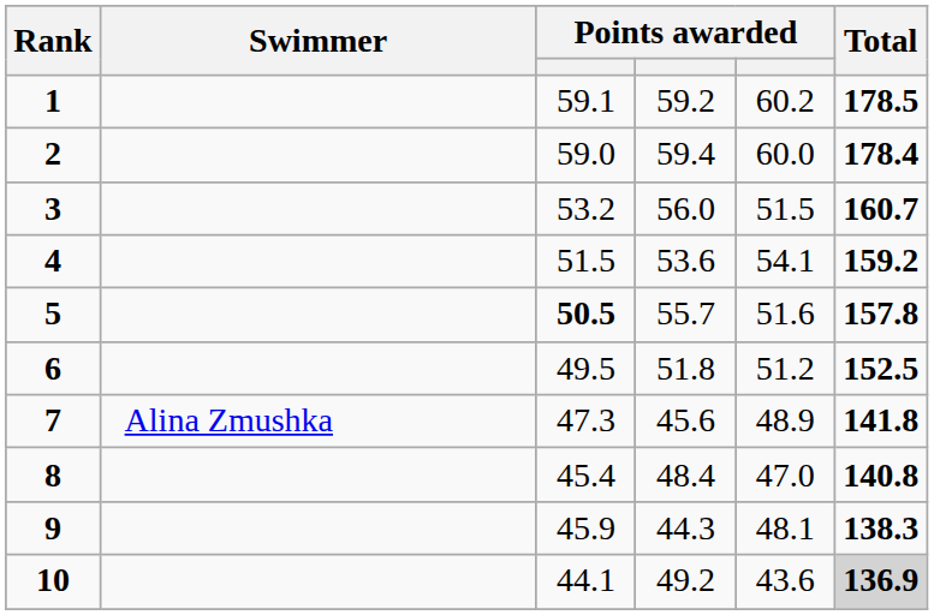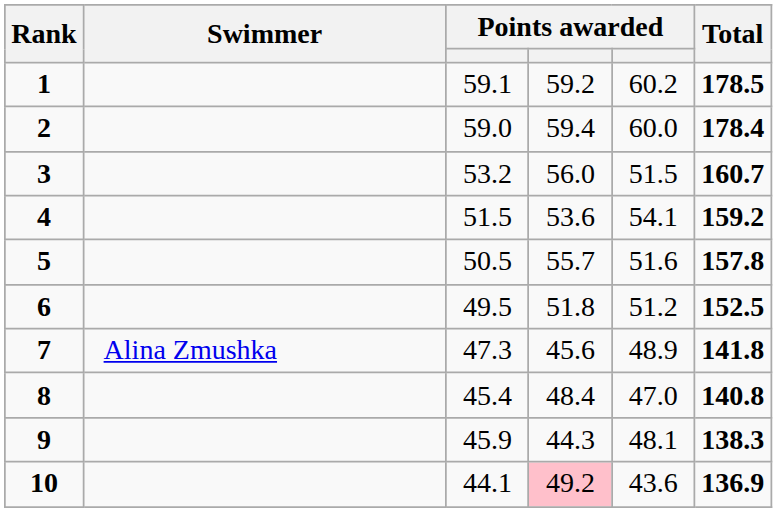 <table class="wikitable" style="text-align:center;">
 <tr>
 <th rowspan=2>Rank</th>
 <th rowspan=2 width=200>Swimmer</th>
 <th colspan=3>Points awarded</th>
 <th rowspan=2>Total</th>
 </tr>
 <tr>
 <th width=40></th>
 <th width=40></th>
 <th width=40></th>
 </tr>
 <tr>
 <td><strong>1</strong></td>
 <td align=left></td>
 <td>59.1</td>
 <td>59.2</td>
 <td>60.2</td>
 <td><strong>178.5</strong></td>
 </tr>
 <tr>
 <td><strong>2</strong></td>
 <td align=left></td>
 <td>59.0</td>
 <td>59.4</td>
 <td>60.0</td>
 <td><strong>178.4</strong></td>
 </tr>
 <tr>
 <td><strong>3</strong></td>
 <td align=left></td>
 <td>53.2</td>
 <td>56.0</td>
 <td>51.5</td>
 <td><strong>160.7</strong></td>
 </tr>
 <tr>
 <td><strong>4</strong></td>
 <td align=left></td>
 <td>51.5</td>
 <td>53.6</td>
 <td>54.1</td>
 <td><strong>159.2</strong></td>
 </tr>
 <tr>
 <td><strong>5</strong></td>
 <td align=left></td>
-<td><strong>50.5</strong></td>
+<td>50.5</td>
 <td>55.7</td>
 <td>51.6</td>
 <td><strong>157.8</strong></td>
 </tr>
 <tr>
 <td><strong>6</strong></td>
 <td align=left></td>
 <td>49.5</td>
 <td>51.8</td>
 <td>51.2</td>
 <td><strong>152.5</strong></td>
 </tr>
 <tr>
 <td><strong>7</strong></td>
 <td align=left>  <a href='#'>Alina Zmushka</a> </td>
 <td>47.3</td>
 <td>45.6</td>
 <td>48.9</td>
 <td><strong>141.8</strong></td>
 </tr>
 <tr>
 <td><strong>8</strong></td>
 <td align=left></td>
 <td>45.4</td>
 <td>48.4</td>
 <td>47.0</td>
 <td><strong>140.8</strong></td>
 </tr>
 <tr>
 <td><strong>9</strong></td>
 <td align=left></td>
 <td>45.9</td>
 <td>44.3</td>
 <td>48.1</td>
 <td><strong>138.3</strong></td>
 </tr>
 <tr>
 <td><strong>10</strong></td>
 <td align=left></td>
 <td>44.1</td>
-<td>49.2</td>
+<td style="background: pink;">49.2</td>
 <td>43.6</td>
-<td style="background: lightgrey;"><strong>136.9</strong></td>
+<td><strong>136.9</strong></td>
 </tr>
 </table>
